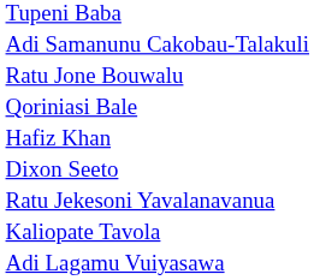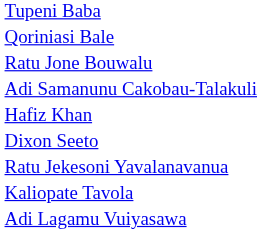 <table>
 <tr>
 <td><a href='#'>Tupeni Baba</a></td>
 </tr>
 <tr>
-<td><a href='#'>Adi Samanunu Cakobau-Talakuli</a></td>
+<td><a href='#'>Qoriniasi Bale</a></td>
 </tr>
 <tr>
 <td><a href='#'>Ratu Jone Bouwalu</a></td>
 </tr>
 <tr>
-<td><a href='#'>Qoriniasi Bale</a></td>
+<td><a href='#'>Adi Samanunu Cakobau-Talakuli</a></td>
 </tr>
 <tr>
 <td><a href='#'>Hafiz Khan</a></td>
 </tr>
 <tr>
 <td><a href='#'>Dixon Seeto</a></td>
 </tr>
 <tr>
 <td><a href='#'>Ratu Jekesoni Yavalanavanua</a></td>
 </tr>
 <tr>
 <td><a href='#'>Kaliopate Tavola</a></td>
 </tr>
 <tr>
 <td><a href='#'>Adi Lagamu Vuiyasawa</a></td>
 </tr>
 <tr>
 </tr>
 </table>
